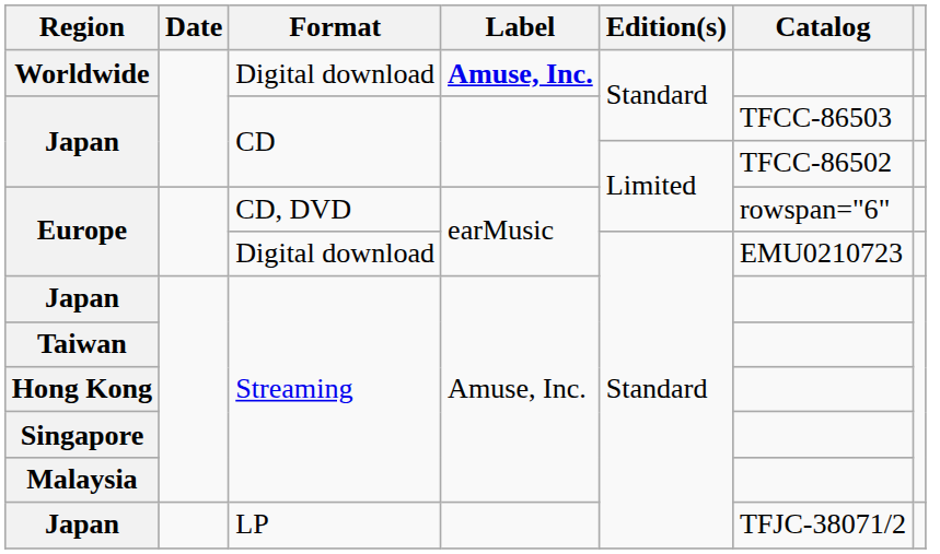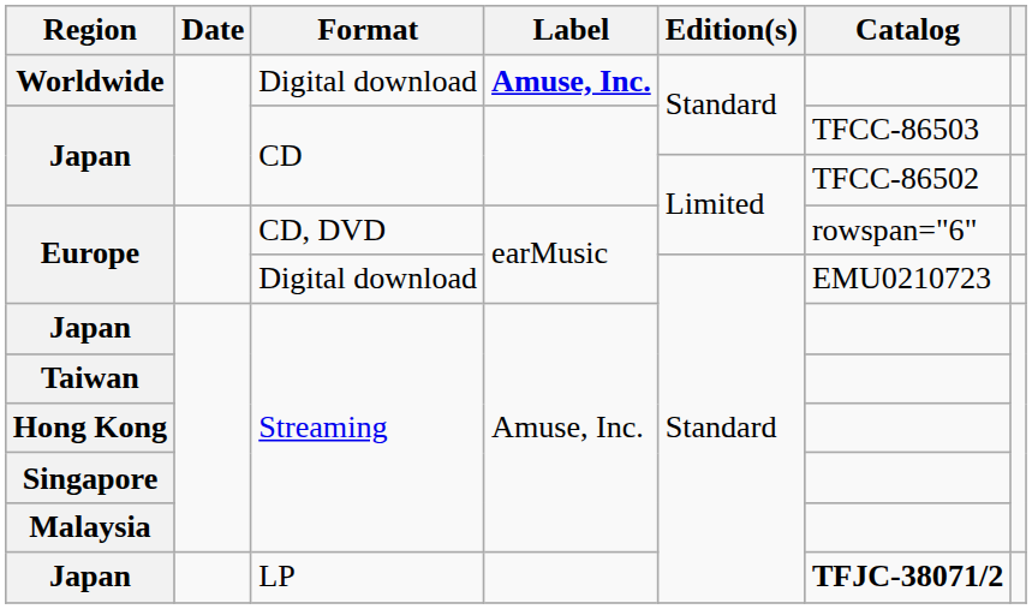 <table class="wikitable plainrowheaders">
 <tr>
 <th scope="col">Region</th>
 <th scope="col">Date</th>
 <th scope="col">Format</th>
 <th scope="col">Label</th>
 <th scope="col">Edition(s)</th>
 <th scope="col">Catalog</th>
 <th scope="col"></th>
 </tr>
 <tr>
 <th scope="row">Worldwide</th>
 <td rowspan="3"></td>
 <td>Digital download</td>
 <td><strong><a href='#'>Amuse, Inc.</a></strong></td>
 <td rowspan="2">Standard</td>
 <td></td>
 <td></td>
 </tr>
 <tr>
 <th scope="row" rowspan="2">Japan</th>
 <td rowspan="2">CD</td>
 <td rowspan="2"></td>
 <td>TFCC-86503</td>
 <td></td>
 </tr>
 <tr>
 <td rowspan="2">Limited</td>
 <td>TFCC-86502</td>
 <td></td>
 </tr>
 <tr>
 <th scope="row" rowspan="2">Europe</th>
 <td rowspan="2"></td>
 <td>CD, DVD</td>
 <td rowspan="2">earMusic</td>
 <td>rowspan="6" </td>
 <td></td>
 </tr>
 <tr>
 <td>Digital download</td>
 <td rowspan="7">Standard</td>
 <td>EMU0210723</td>
 <td></td>
 </tr>
 <tr>
 <th scope="row">Japan</th>
 <td rowspan="5"></td>
 <td rowspan="5"><a href='#'>Streaming</a></td>
 <td rowspan="5">Amuse, Inc.</td>
 <td></td>
 </tr>
 <tr>
 <th scope="row">Taiwan</th>
 <td></td>
 </tr>
 <tr>
 <th scope="row">Hong Kong</th>
 <td></td>
 </tr>
 <tr>
 <th scope="row">Singapore</th>
 <td></td>
 </tr>
 <tr>
 <th scope="row">Malaysia</th>
 <td></td>
 </tr>
 <tr>
 <th scope="row">Japan</th>
 <td></td>
 <td>LP</td>
 <td></td>
-<td>TFJC-38071/2</td>
+<td><strong>TFJC-38071/2</strong></td>
 <td></td>
 </tr>
 </table>
